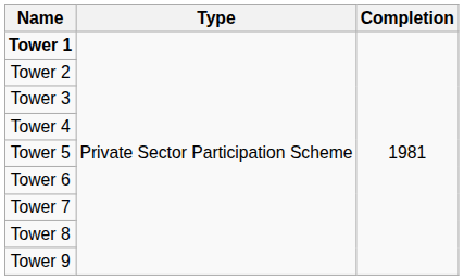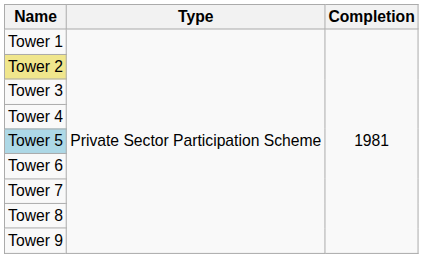 <table class="wikitable" style="text-align: center">
 <tr>
 <th>Name</th>
 <th>Type</th>
 <th>Completion</th>
 </tr>
 <tr>
-<td><strong>Tower 1</strong></td>
+<td>Tower 1</td>
 <td rowspan="9">Private Sector Participation Scheme</td>
 <td rowspan="9">1981</td>
 </tr>
 <tr>
-<td>Tower 2</td>
+<td style="background: khaki;">Tower 2</td>
 </tr>
 <tr>
 <td>Tower 3</td>
 </tr>
 <tr>
 <td>Tower 4</td>
 </tr>
 <tr>
-<td>Tower 5</td>
+<td style="background: lightblue;">Tower 5</td>
 </tr>
 <tr>
 <td>Tower 6</td>
 </tr>
 <tr>
 <td>Tower 7</td>
 </tr>
 <tr>
 <td>Tower 8</td>
 </tr>
 <tr>
 <td>Tower 9</td>
 </tr>
 </table>
